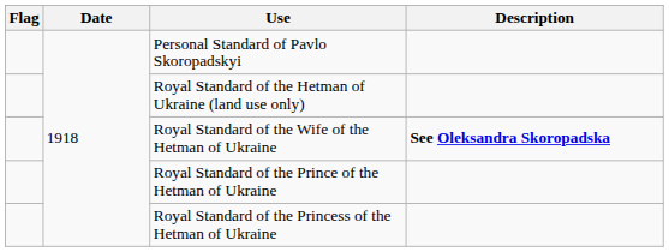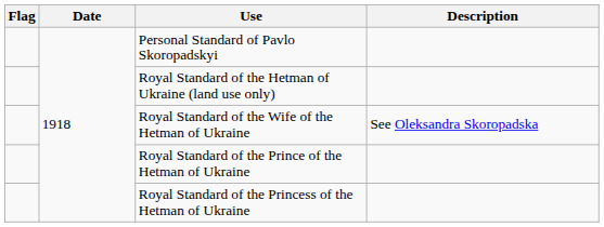 <table class="wikitable">
 <tr>
 <th>Flag</th>
 <th style="width:100px;">Date</th>
 <th style="width:250px;">Use</th>
 <th style="width:250px;">Description</th>
 </tr>
 <tr>
 <td></td>
 <td rowspan="5">1918</td>
 <td>Personal Standard of Pavlo Skoropadskyi</td>
 <td></td>
 </tr>
 <tr>
 <td></td>
 <td>Royal Standard of the Hetman of Ukraine (land use only)</td>
 <td></td>
 </tr>
 <tr>
 <td></td>
 <td>Royal Standard of the Wife of the Hetman of Ukraine</td>
-<td><strong>See <a href='#'>Oleksandra Skoropadska</a></strong></td>
+<td>See <a href='#'>Oleksandra Skoropadska</a></td>
 </tr>
 <tr>
 <td></td>
 <td>Royal Standard of the Prince of the Hetman of Ukraine</td>
 <td></td>
 </tr>
 <tr>
 <td></td>
 <td>Royal Standard of the Princess of the Hetman of Ukraine</td>
 <td></td>
 </tr>
 </table>
